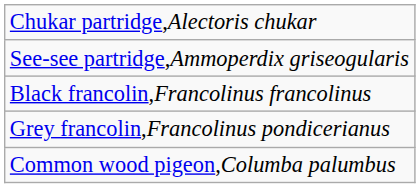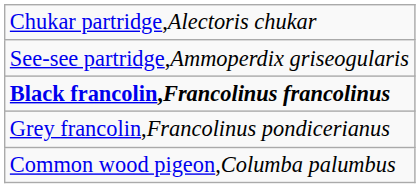 <table class="wikitable">
 <tr>
 <td><a href='#'>Chukar partridge</a>,<em>Alectoris chukar</em></td>
 </tr>
 <tr>
 <td><a href='#'>See-see partridge</a>,<em>Ammoperdix griseogularis</em></td>
 </tr>
 <tr>
-<td><a href='#'>Black francolin</a>,<em>Francolinus francolinus</em></td>
+<td><strong><a href='#'>Black francolin</a>,<em>Francolinus francolinus</em></strong></td>
 </tr>
 <tr>
 <td><a href='#'>Grey francolin</a>,<em>Francolinus pondicerianus</em></td>
 </tr>
 <tr>
 <td><a href='#'>Common wood pigeon</a>,<em>Columba palumbus</em></td>
 </tr>
 </table>
